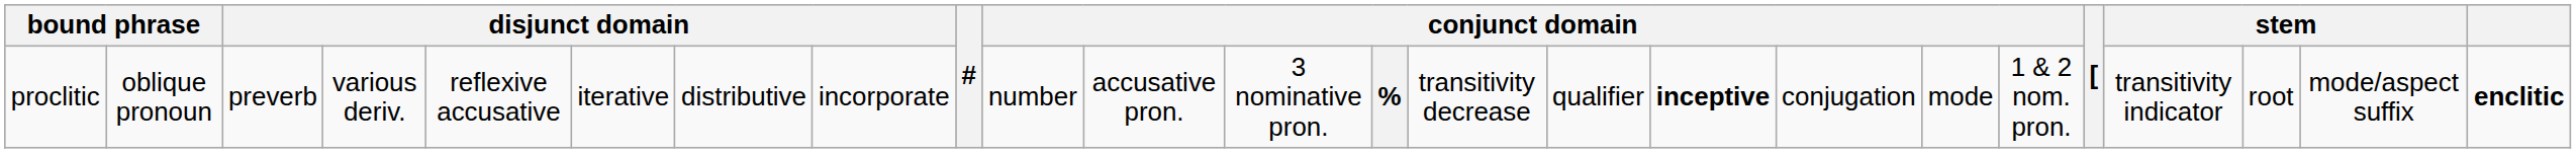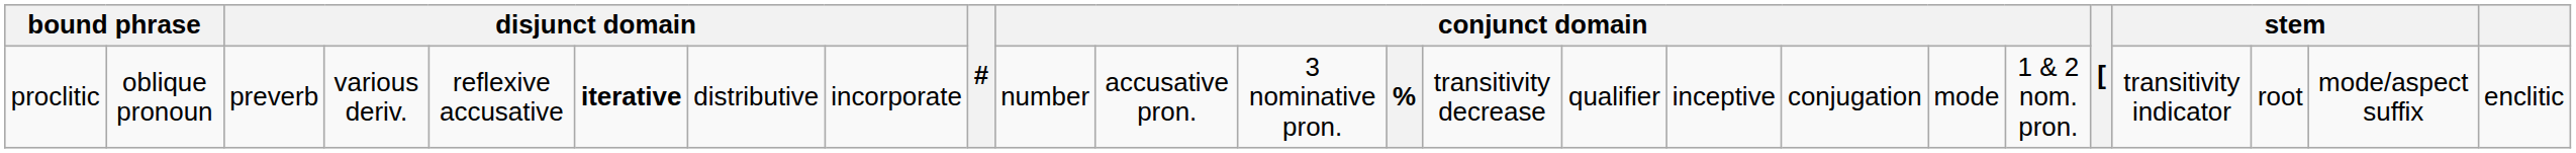 <table class="wikitable" style="text-align: center">
 <tr>
 <th colspan="2">bound phrase</th>
 <th colspan="6">disjunct domain</th>
 <th rowspan="2">#</th>
 <th colspan="10">conjunct domain</th>
 <th rowspan="2">[</th>
 <th colspan="3">stem</th>
 <th> </th>
 </tr>
 <tr>
 <td>proclitic</td>
 <td>oblique pronoun</td>
 <td>preverb</td>
 <td>various deriv.</td>
 <td>reflexive accusative</td>
-<td>iterative</td>
+<td><strong>iterative</strong></td>
 <td>distributive</td>
 <td>incorporate</td>
 <td>number</td>
 <td>accusative pron.</td>
 <td>3 nominative pron.</td>
 <th>%</th>
 <td>transitivity decrease</td>
 <td>qualifier</td>
-<td><strong>inceptive</strong></td>
+<td>inceptive</td>
 <td>conjugation</td>
 <td>mode</td>
 <td>1 & 2 nom. pron.</td>
 <td>transitivity indicator</td>
 <td>root</td>
 <td>mode/aspect suffix</td>
-<td><strong>enclitic</strong></td>
+<td>enclitic</td>
 </tr>
 </table>
